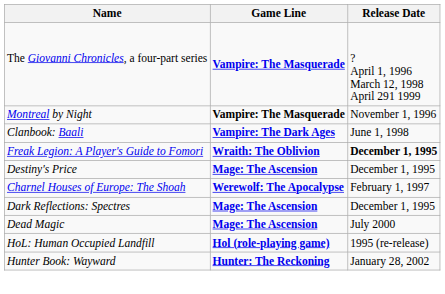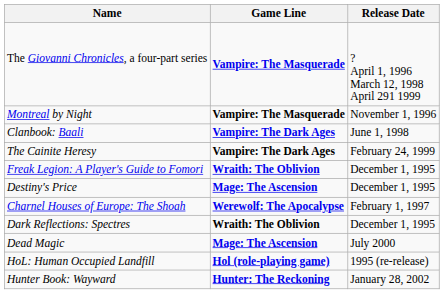 <table class="wikitable sortable">
 <tr>
 <th>Name</th>
 <th>Game Line</th>
 <th>Release Date</th>
 </tr>
 <tr>
 <td>The <em><a href='#'>Giovanni Chronicles</a></em>, a four-part series<br><br></td>
 <td><strong><a href='#'>Vampire: The Masquerade</a></strong></td>
 <td><br><br>?<br> April 1, 1996<br> March 12, 1998<br> April 291 1999</td>
 </tr>
 <tr>
 <td><em><a href='#'>Montreal</a> by Night</em></td>
 <td><strong>Vampire: The Masquerade</strong></td>
 <td>November 1, 1996</td>
 </tr>
 <tr>
 <td><em>Clanbook: <a href='#'>Baali</a></em></td>
 <td><strong><a href='#'>Vampire: The Dark Ages</a></strong></td>
 <td>June 1, 1998</td>
 </tr>
 <tr>
+<td><em>The Cainite Heresy</em></td>
+<td><strong>Vampire: The Dark Ages</strong></td>
+<td>February 24, 1999</td>
+</tr>
+<tr>
 <td><em><a href='#'>Freak Legion: A Player's Guide to Fomori</a></em></td>
 <td><strong><a href='#'>Wraith: The Oblivion</a></strong></td>
-<td><strong>December 1, 1995</strong></td>
+<td>December 1, 1995</td>
 </tr>
 <tr>
 <td><em>Destiny's Price</em></td>
 <td><strong><a href='#'>Mage: The Ascension</a></strong></td>
 <td>December 1, 1995</td>
 </tr>
 <tr>
 <td><em><a href='#'>Charnel Houses of Europe: The Shoah</a></em></td>
 <td><strong><a href='#'>Werewolf: The Apocalypse</a></strong></td>
 <td>February 1, 1997</td>
 </tr>
 <tr>
 <td><em>Dark Reflections: Spectres</em></td>
-<td><strong><a href='#'>Mage: The Ascension</a></strong></td>
+<td><strong>Wraith: The Oblivion</strong></td>
 <td>December 1, 1995</td>
 </tr>
 <tr>
 <td><em>Dead Magic</em></td>
 <td><strong><a href='#'>Mage: The Ascension</a></strong></td>
 <td>July 2000</td>
 </tr>
 <tr>
 <td><em>HoL: Human Occupied Landfill</em></td>
 <td><strong><a href='#'>Hol (role-playing game)</a></strong></td>
 <td>1995 (re-release)</td>
 </tr>
 <tr>
 <td><em>Hunter Book: Wayward</em></td>
 <td><strong><a href='#'>Hunter: The Reckoning</a></strong></td>
 <td>January 28, 2002</td>
 </tr>
 </table>
